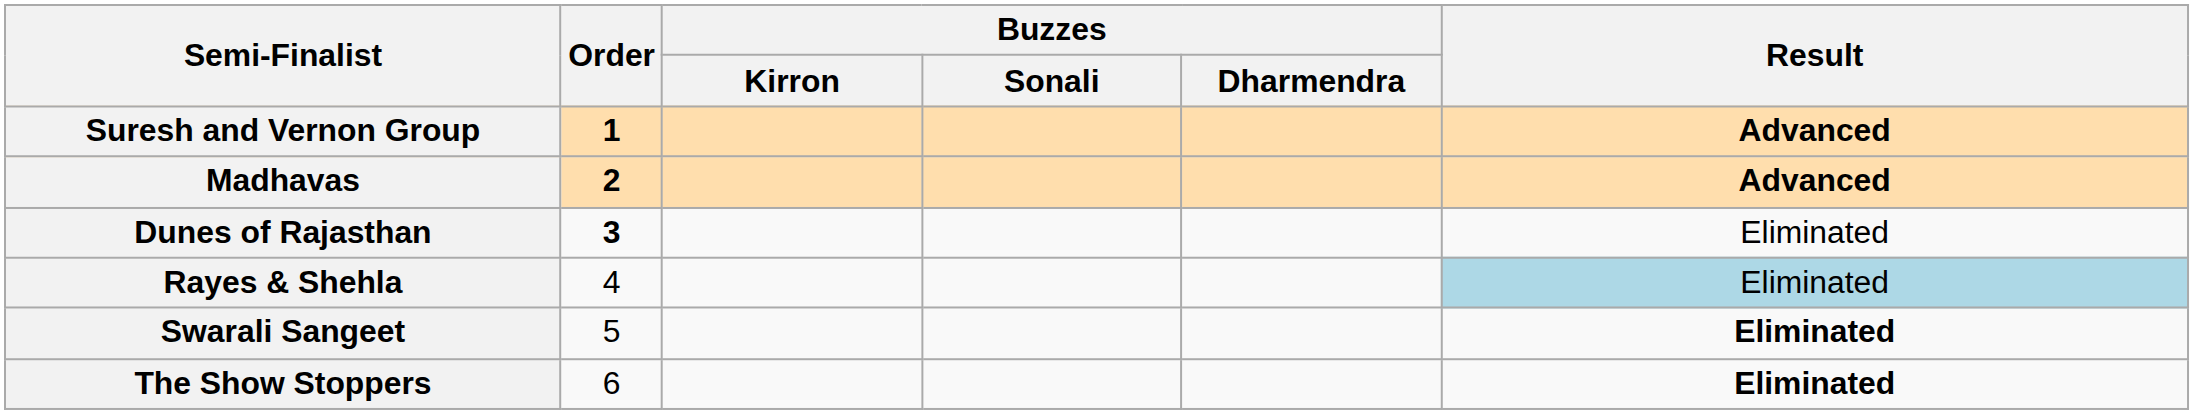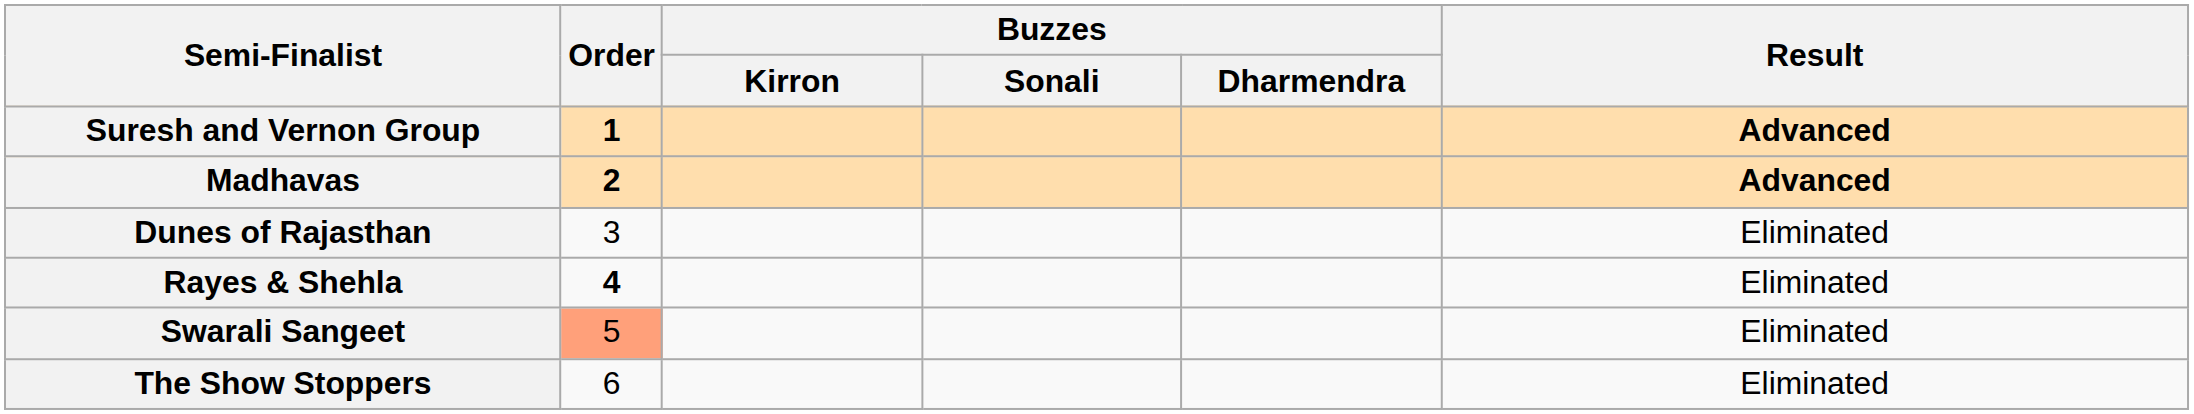 <table class="wikitable plainrowheaders sortable" style="text-align:center;">
 <tr>
 <th rowspan="2" scope="col" class="unsortable" style="width:17em;">Semi-Finalist</th>
 <th rowspan="2" scope="col" style="width:1em;">Order</th>
 <th colspan="3" scope="col" class="unsortable" style="width:24em;">Buzzes</th>
 <th rowspan="2" scope="col" style="width:23em;">Result</th>
 </tr>
 <tr>
 <th scope="col" class="unsortable" style="width:6em;">Kirron</th>
 <th scope="col" class="unsortable" style="width:6em;">Sonali</th>
 <th scope="col" class="unsortable" style="width:6em;">Dharmendra</th>
 </tr>
 <tr style="background:NavajoWhite;">
 <th scope="row"><strong>Suresh and Vernon Group</strong></th>
 <td><strong>1</strong></td>
 <td style="text-align:center;"></td>
 <td style="text-align:center;"></td>
 <td style="text-align:center;"></td>
 <td><strong>Advanced</strong></td>
 </tr>
 <tr style="background:NavajoWhite;">
 <th scope="row"><strong>Madhavas</strong></th>
 <td><strong>2</strong></td>
 <td style="text-align:center;"></td>
 <td style="text-align:center;"></td>
 <td style="text-align:center;"></td>
 <td><strong>Advanced</strong></td>
 </tr>
 <tr>
 <th scope="row">Dunes of Rajasthan</th>
-<td><strong>3</strong></td>
+<td>3</td>
 <td style="text-align:center;"></td>
 <td style="text-align:center;"></td>
 <td style="text-align:center;"></td>
 <td>Eliminated</td>
 </tr>
 <tr>
 <th scope="row">Rayes & Shehla</th>
-<td>4</td>
+<td><strong>4</strong></td>
 <td style="text-align:center;"></td>
 <td style="text-align:center;"></td>
 <td style="text-align:center;"></td>
-<td style="background: lightblue;">Eliminated</td>
+<td>Eliminated</td>
 </tr>
 <tr>
 <th scope="row">Swarali Sangeet</th>
-<td>5</td>
+<td style="background: lightsalmon;">5</td>
 <td style="text-align:center;"></td>
 <td style="text-align:center;"></td>
 <td style="text-align:center;"></td>
-<td><strong>Eliminated</strong></td>
+<td>Eliminated</td>
 </tr>
 <tr>
 <th scope="row">The Show Stoppers</th>
 <td>6</td>
 <td style="text-align:center;"></td>
 <td style="text-align:center;"></td>
 <td style="text-align:center;"></td>
-<td><strong>Eliminated</strong></td>
+<td>Eliminated</td>
 </tr>
 </table>
